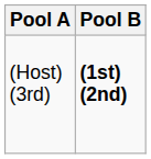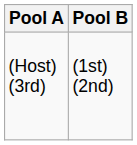 <table class="wikitable">
 <tr>
 <th width=50%>Pool A</th>
 <th width=50%>Pool B</th>
 </tr>
 <tr>
 <td valign=top><br> (Host)<br>  (3rd)<br> <br> <br> </td>
-<td><strong><br> (1st)<br>  (2nd)<br> <br> <br> </strong></td>
+<td><br> (1st)<br>  (2nd)<br> <br> <br> </td>
 </tr>
 </table>
